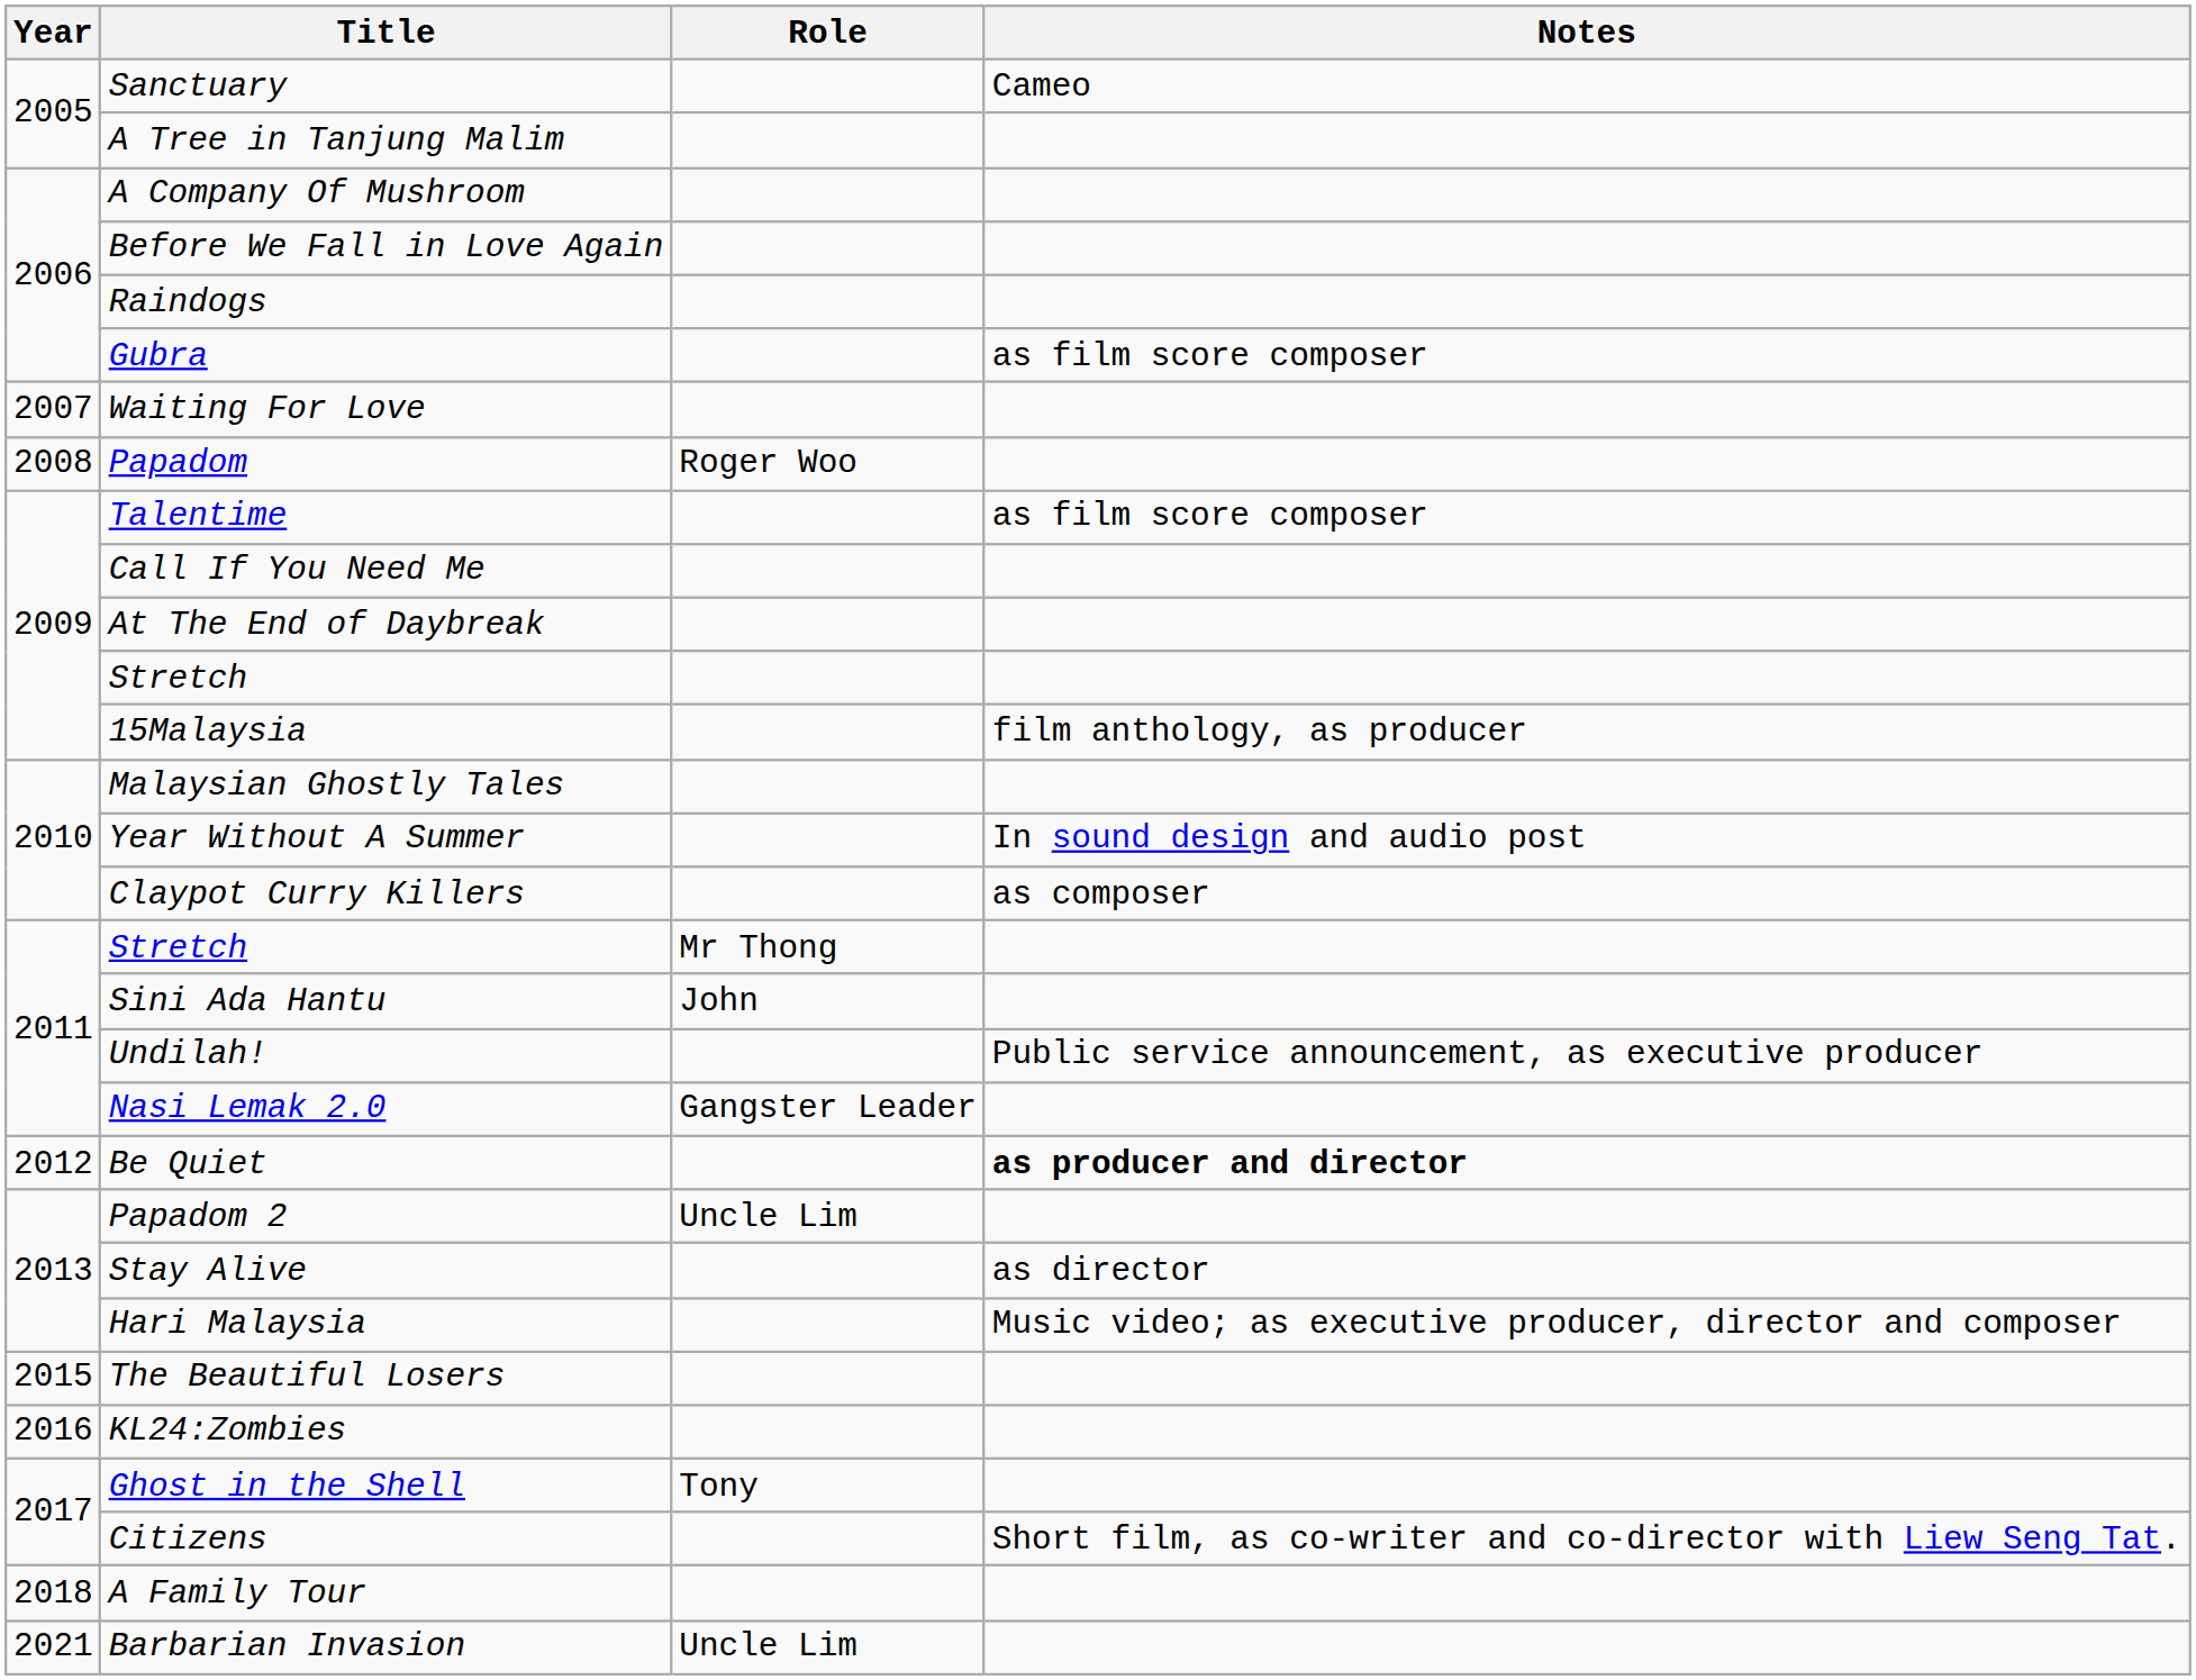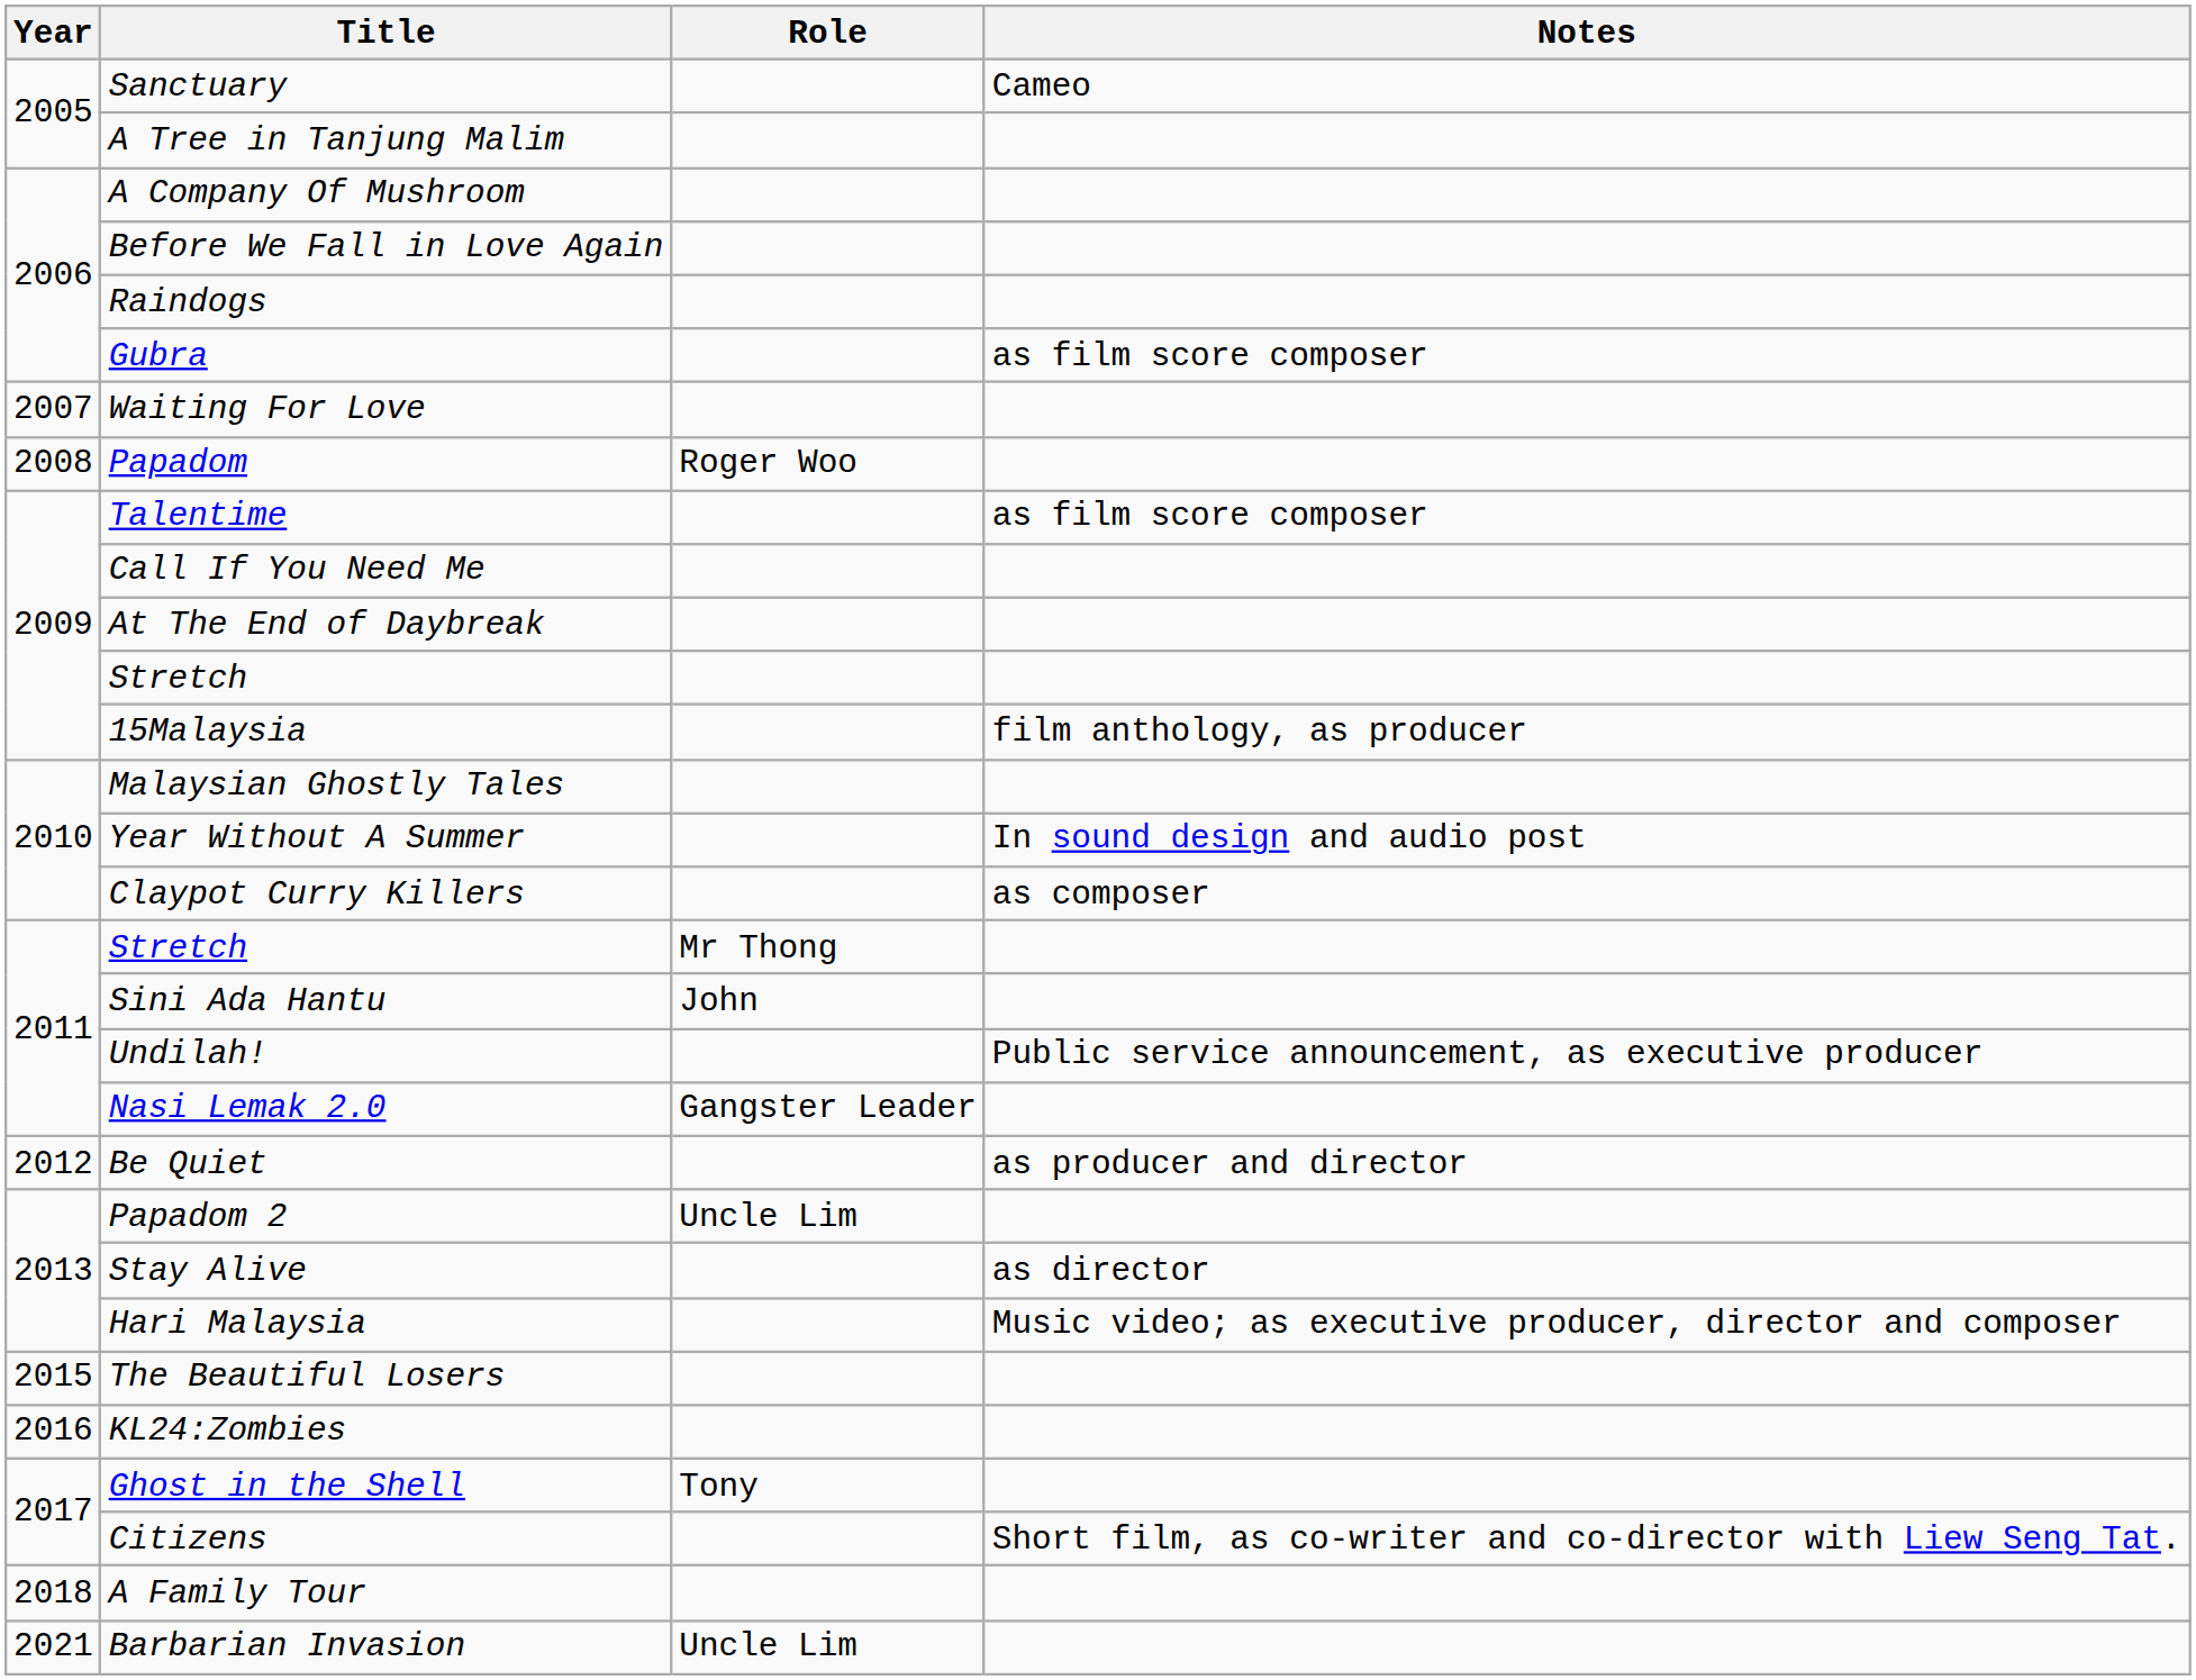 <table class="wikitable">
 <tr>
 <th>Year</th>
 <th>Title</th>
 <th>Role</th>
 <th>Notes</th>
 </tr>
 <tr>
 <td rowspan="2">2005</td>
 <td><em>Sanctuary</em></td>
 <td></td>
 <td>Cameo</td>
 </tr>
 <tr>
 <td><em>A Tree in Tanjung Malim</em></td>
 <td></td>
 <td></td>
 </tr>
 <tr>
 <td rowspan="4">2006</td>
 <td><em>A Company Of Mushroom</em></td>
 <td></td>
 <td></td>
 </tr>
 <tr>
 <td><em>Before We Fall in Love Again</em></td>
 <td></td>
 <td></td>
 </tr>
 <tr>
 <td><em>Raindogs</em></td>
 <td></td>
 <td></td>
 </tr>
 <tr>
 <td><em><a href='#'>Gubra</a></em></td>
 <td></td>
 <td>as film score composer</td>
 </tr>
 <tr>
 <td>2007</td>
 <td><em>Waiting For Love</em></td>
 <td></td>
 <td></td>
 </tr>
 <tr>
 <td>2008</td>
 <td><a href='#'><em>Papadom</em></a></td>
 <td>Roger Woo</td>
 <td></td>
 </tr>
 <tr>
 <td rowspan="5">2009</td>
 <td><em><a href='#'>Talentime</a></em></td>
 <td></td>
 <td>as film score composer</td>
 </tr>
 <tr>
 <td><em>Call If You Need Me</em></td>
 <td></td>
 <td></td>
 </tr>
 <tr>
 <td><em>At The End of Daybreak</em></td>
 <td></td>
 <td></td>
 </tr>
 <tr>
 <td><em>Stretch</em></td>
 <td></td>
 <td></td>
 </tr>
 <tr>
 <td><em>15Malaysia</em></td>
 <td></td>
 <td>film anthology, as producer</td>
 </tr>
 <tr>
 <td rowspan="3">2010</td>
 <td><em>Malaysian Ghostly Tales</em></td>
 <td></td>
 <td></td>
 </tr>
 <tr>
 <td><em>Year Without A Summer</em></td>
 <td></td>
 <td>In <a href='#'>sound design</a> and audio post</td>
 </tr>
 <tr>
 <td><em>Claypot Curry Killers</em></td>
 <td></td>
 <td>as composer</td>
 </tr>
 <tr>
 <td rowspan="4">2011</td>
 <td><em><a href='#'>Stretch</a></em></td>
 <td>Mr Thong</td>
 <td></td>
 </tr>
 <tr>
 <td><em>Sini Ada Hantu</em></td>
 <td>John</td>
 <td></td>
 </tr>
 <tr>
 <td><em>Undilah!</em></td>
 <td></td>
 <td>Public service announcement, as executive producer</td>
 </tr>
 <tr>
 <td><em><a href='#'>Nasi Lemak 2.0</a></em></td>
 <td>Gangster Leader</td>
 <td></td>
 </tr>
 <tr>
 <td>2012</td>
 <td><em>Be Quiet</em></td>
 <td></td>
-<td><strong>as producer and director</strong></td>
+<td>as producer and director</td>
 </tr>
 <tr>
 <td rowspan="3">2013</td>
 <td><em>Papadom 2</em></td>
 <td>Uncle Lim</td>
 <td></td>
 </tr>
 <tr>
 <td><em>Stay Alive</em></td>
 <td></td>
 <td>as director</td>
 </tr>
 <tr>
 <td><em>Hari Malaysia</em></td>
 <td></td>
 <td>Music video; as executive producer, director and composer</td>
 </tr>
 <tr>
 <td>2015</td>
 <td><em>The Beautiful Losers</em></td>
 <td></td>
 <td></td>
 </tr>
 <tr>
 <td>2016</td>
 <td><em>KL24:Zombies</em></td>
 <td></td>
 <td></td>
 </tr>
 <tr>
 <td rowspan="2">2017</td>
 <td><a href='#'><em>Ghost in the Shell</em></a></td>
 <td>Tony</td>
 <td></td>
 </tr>
 <tr>
 <td><em>Citizens</em></td>
 <td></td>
 <td>Short film, as co-writer and co-director with <a href='#'>Liew Seng Tat</a>.</td>
 </tr>
 <tr>
 <td>2018</td>
 <td><em>A Family Tour</em></td>
 <td></td>
 <td></td>
 </tr>
 <tr>
 <td>2021</td>
 <td><em>Barbarian Invasion</em></td>
 <td>Uncle Lim</td>
 <td></td>
 </tr>
 </table>
